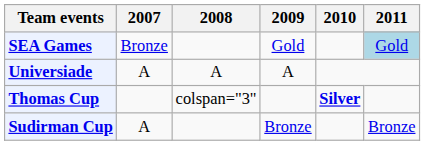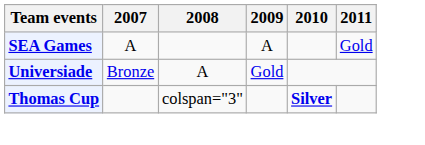 <table class="wikitable" style="font-size: 90%; text-align:center">
 <tr>
 <th>Team events</th>
 <th>2007</th>
 <th>2008</th>
 <th>2009</th>
 <th>2010</th>
 <th>2011</th>
 </tr>
 <tr>
 <td bgcolor="#ECF2FF"; align="left"><strong><a href='#'>SEA Games</a></strong></td>
-<td> <a href='#'>Bronze</a></td>
+<td>A</td>
+<td></td>
+<td>A</td>
 <td></td>
 <td> <a href='#'>Gold</a></td>
-<td></td>
-<td style="background: lightblue;"> <a href='#'>Gold</a></td>
 </tr>
 <tr>
 <td bgcolor="#ECF2FF"; align="left"><strong><a href='#'>Universiade</a></strong></td>
+<td> <a href='#'>Bronze</a></td>
 <td>A</td>
-<td>A</td>
-<td>A</td>
+<td> <a href='#'>Gold</a></td>
 </tr>
 <tr>
 <td bgcolor="#ECF2FF"; align="left"><strong><a href='#'>Thomas Cup</a></strong></td>
 <td></td>
 <td>colspan="3" </td>
 <td></td>
 <td><strong> <a href='#'>Silver</a></strong></td>
 <td></td>
 </tr>
-<tr>
-<td bgcolor="#ECF2FF"; align="left"><strong><a href='#'>Sudirman Cup</a></strong></td>
-<td>A</td>
-<td></td>
-<td> <a href='#'>Bronze</a></td>
-<td></td>
-<td> <a href='#'>Bronze</a></td>
-</tr>
 </table>
